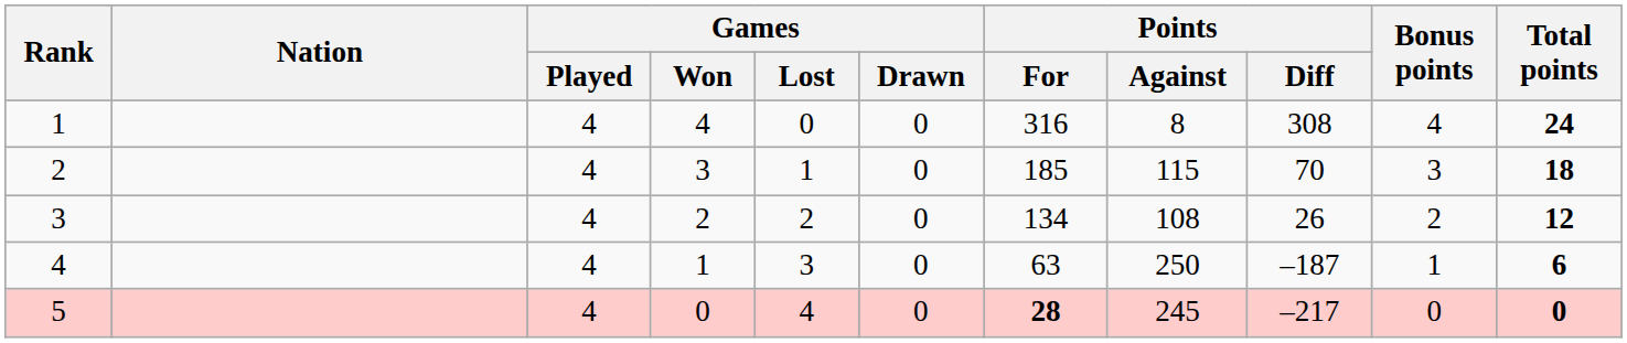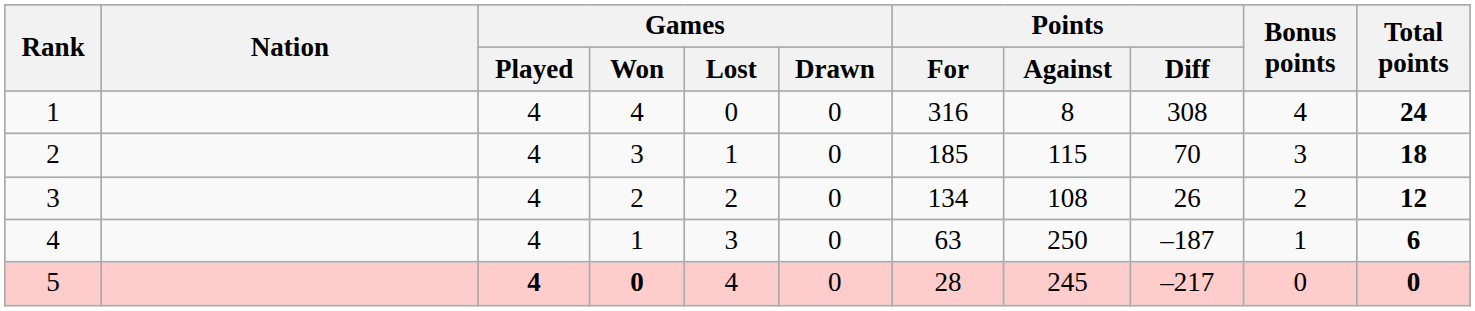 <table class="wikitable" style="text-align:center">
 <tr>
 <th rowspan="2" style="width:5%;">Rank</th>
 <th rowspan="2" style="width:20%;">Nation</th>
 <th colspan="4" style="width:20%;">Games</th>
 <th colspan="3" style="width:18%;">Points</th>
 <th rowspan="2" style="width:6%;">Bonus<br>points</th>
 <th rowspan="2" style="width:6%;">Total<br>points</th>
 </tr>
 <tr>
 <th style="width:5%;">Played</th>
 <th style="width:5%;">Won</th>
 <th style="width:5%;">Lost</th>
 <th style="width:5%;">Drawn</th>
 <th style="width:6%;">For</th>
 <th style="width:6%;">Against</th>
 <th style="width:6%;">Diff</th>
 </tr>
 <tr>
 <td>1</td>
 <td align="left"></td>
 <td>4</td>
 <td>4</td>
 <td>0</td>
 <td>0</td>
 <td>316</td>
 <td>8</td>
 <td>308</td>
 <td>4</td>
 <td><strong>24</strong></td>
 </tr>
 <tr>
 <td>2</td>
 <td align="left"></td>
 <td>4</td>
 <td>3</td>
 <td>1</td>
 <td>0</td>
 <td>185</td>
 <td>115</td>
 <td>70</td>
 <td>3</td>
 <td><strong>18</strong></td>
 </tr>
 <tr>
 <td>3</td>
 <td align="left"></td>
 <td>4</td>
 <td>2</td>
 <td>2</td>
 <td>0</td>
 <td>134</td>
 <td>108</td>
 <td>26</td>
 <td>2</td>
 <td><strong>12</strong></td>
 </tr>
 <tr>
 <td>4</td>
 <td align="left"></td>
 <td>4</td>
 <td>1</td>
 <td>3</td>
 <td>0</td>
 <td>63</td>
 <td>250</td>
 <td>–187</td>
 <td>1</td>
 <td><strong>6</strong></td>
 </tr>
 <tr style="background:#fcc;">
 <td>5</td>
 <td align="left"></td>
+<td><strong>4</strong></td>
+<td><strong>0</strong></td>
 <td>4</td>
 <td>0</td>
-<td>4</td>
-<td>0</td>
-<td><strong>28</strong></td>
+<td>28</td>
 <td>245</td>
 <td>–217</td>
 <td>0</td>
 <td><strong>0</strong></td>
 </tr>
 </table>
